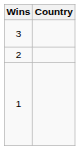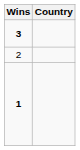 <table class="wikitable">
 <tr>
 <th>Wins</th>
 <th>Country</th>
 </tr>
 <tr>
-<td align=center>3</td>
+<td align=center><strong>3</strong></td>
 <td><br><br></td>
 </tr>
 <tr>
 <td align=center>2</td>
 <td></td>
 </tr>
 <tr>
-<td align=center>1</td>
+<td align=center><strong>1</strong></td>
 <td><br><br>  <br><br><br><br><br></td>
 </tr>
 </table>
